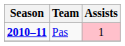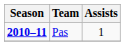 <table class="wikitable" style="text-align: center;">
 <tr>
 <th>Season</th>
 <th>Team</th>
 <th>Assists</th>
 </tr>
 <tr>
 <td><strong><a href='#'>2010–11</a></strong></td>
 <td align="left"><a href='#'>Pas</a></td>
-<td style="background: pink;">1</td>
+<td>1</td>
 </tr>
 <tr>
 </tr>
 </table>
